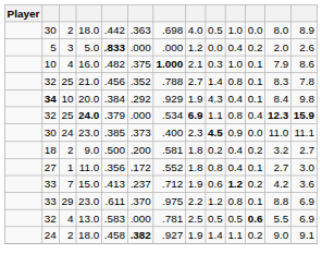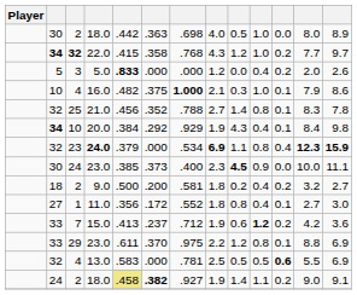 <table class="wikitable sortable" style="font-size:95%; text-align:right">
 <tr>
 <th>Player</th>
 <th></th>
 <th></th>
 <th></th>
 <th></th>
 <th></th>
 <th></th>
 <th></th>
 <th></th>
 <th></th>
 <th></th>
 <th></th>
 <th></th>
 </tr>
 <tr>
 <td><strong></strong></td>
 <td>30</td>
 <td>2</td>
 <td>18.0</td>
 <td>.442</td>
 <td>.363</td>
 <td>.698</td>
 <td>4.0</td>
 <td>0.5</td>
 <td>1.0</td>
 <td>0.0</td>
 <td>8.0</td>
 <td>8.9</td>
+</tr>
+<tr>
+<td><strong></strong></td>
+<td><strong>34</strong></td>
+<td><strong>32</strong></td>
+<td>22.0</td>
+<td>.415</td>
+<td>.358</td>
+<td>.768</td>
+<td>4.3</td>
+<td>1.2</td>
+<td>1.0</td>
+<td>0.2</td>
+<td>7.7</td>
+<td>9.7</td>
 </tr>
 <tr>
 <td><strong></strong></td>
 <td>5</td>
 <td>3</td>
 <td>5.0</td>
 <td><strong>.833</strong></td>
 <td>.000</td>
 <td>.000</td>
 <td>1.2</td>
 <td>0.0</td>
 <td>0.4</td>
 <td>0.2</td>
 <td>2.0</td>
 <td>2.6</td>
 </tr>
 <tr>
 <td><strong></strong></td>
 <td>10</td>
 <td>4</td>
 <td>16.0</td>
 <td>.482</td>
 <td>.375</td>
 <td><strong>1.000</strong></td>
 <td>2.1</td>
 <td>0.3</td>
 <td>1.0</td>
 <td>0.1</td>
 <td>7.9</td>
 <td>8.6</td>
 </tr>
 <tr>
 <td><strong></strong></td>
 <td>32</td>
 <td>25</td>
 <td>21.0</td>
 <td>.456</td>
 <td>.352</td>
 <td>.788</td>
 <td>2.7</td>
 <td>1.4</td>
 <td>0.8</td>
 <td>0.1</td>
 <td>8.3</td>
 <td>7.8</td>
 </tr>
 <tr>
 <td><strong></strong></td>
 <td><strong>34</strong></td>
 <td>10</td>
 <td>20.0</td>
 <td>.384</td>
 <td>.292</td>
 <td>.929</td>
 <td>1.9</td>
 <td>4.3</td>
 <td>0.4</td>
 <td>0.1</td>
 <td>8.4</td>
 <td>9.8</td>
 </tr>
 <tr>
 <td><strong></strong></td>
 <td>32</td>
-<td>25</td>
+<td>23</td>
 <td><strong>24.0</strong></td>
 <td>.379</td>
 <td>.000</td>
 <td>.534</td>
 <td><strong>6.9</strong></td>
 <td>1.1</td>
 <td>0.8</td>
 <td>0.4</td>
 <td><strong>12.3</strong></td>
 <td><strong>15.9</strong></td>
 </tr>
 <tr>
 <td><strong></strong></td>
 <td>30</td>
 <td>24</td>
 <td>23.0</td>
 <td>.385</td>
 <td>.373</td>
 <td>.400</td>
 <td>2.3</td>
 <td><strong>4.5</strong></td>
 <td>0.9</td>
 <td>0.0</td>
-<td>11.0</td>
+<td>10.0</td>
 <td>11.1</td>
 </tr>
 <tr>
 <td><strong></strong></td>
 <td>18</td>
 <td>2</td>
 <td>9.0</td>
 <td>.500</td>
 <td>.200</td>
 <td>.581</td>
 <td>1.8</td>
 <td>0.2</td>
 <td>0.4</td>
 <td>0.2</td>
 <td>3.2</td>
 <td>2.7</td>
 </tr>
 <tr>
 <td><strong></strong></td>
 <td>27</td>
 <td>1</td>
 <td>11.0</td>
 <td>.356</td>
 <td>.172</td>
 <td>.552</td>
 <td>1.8</td>
 <td>0.8</td>
 <td>0.4</td>
 <td>0.1</td>
 <td>2.7</td>
 <td>3.0</td>
 </tr>
 <tr>
 <td><strong></strong></td>
 <td>33</td>
 <td>7</td>
 <td>15.0</td>
 <td>.413</td>
 <td>.237</td>
 <td>.712</td>
 <td>1.9</td>
 <td>0.6</td>
 <td><strong>1.2</strong></td>
 <td>0.2</td>
 <td>4.2</td>
 <td>3.6</td>
 </tr>
 <tr>
 <td><strong></strong></td>
 <td>33</td>
 <td>29</td>
 <td>23.0</td>
 <td>.611</td>
 <td>.370</td>
 <td>.975</td>
 <td>2.2</td>
 <td>1.2</td>
 <td>0.8</td>
 <td>0.1</td>
 <td>8.8</td>
 <td>6.9</td>
 </tr>
 <tr>
 <td><strong></strong></td>
 <td>32</td>
 <td>4</td>
 <td>13.0</td>
 <td>.583</td>
 <td>.000</td>
 <td>.781</td>
 <td>2.5</td>
 <td>0.5</td>
 <td>0.5</td>
 <td><strong>0.6</strong></td>
 <td>5.5</td>
 <td>6.9</td>
 </tr>
 <tr>
 <td><strong></strong></td>
 <td>24</td>
 <td>2</td>
 <td>18.0</td>
-<td>.458</td>
+<td style="background: khaki;">.458</td>
 <td><strong>.382</strong></td>
 <td>.927</td>
 <td>1.9</td>
 <td>1.4</td>
 <td>1.1</td>
 <td>0.2</td>
 <td>9.0</td>
 <td>9.1</td>
 </tr>
 <tr>
 </tr>
 </table>
